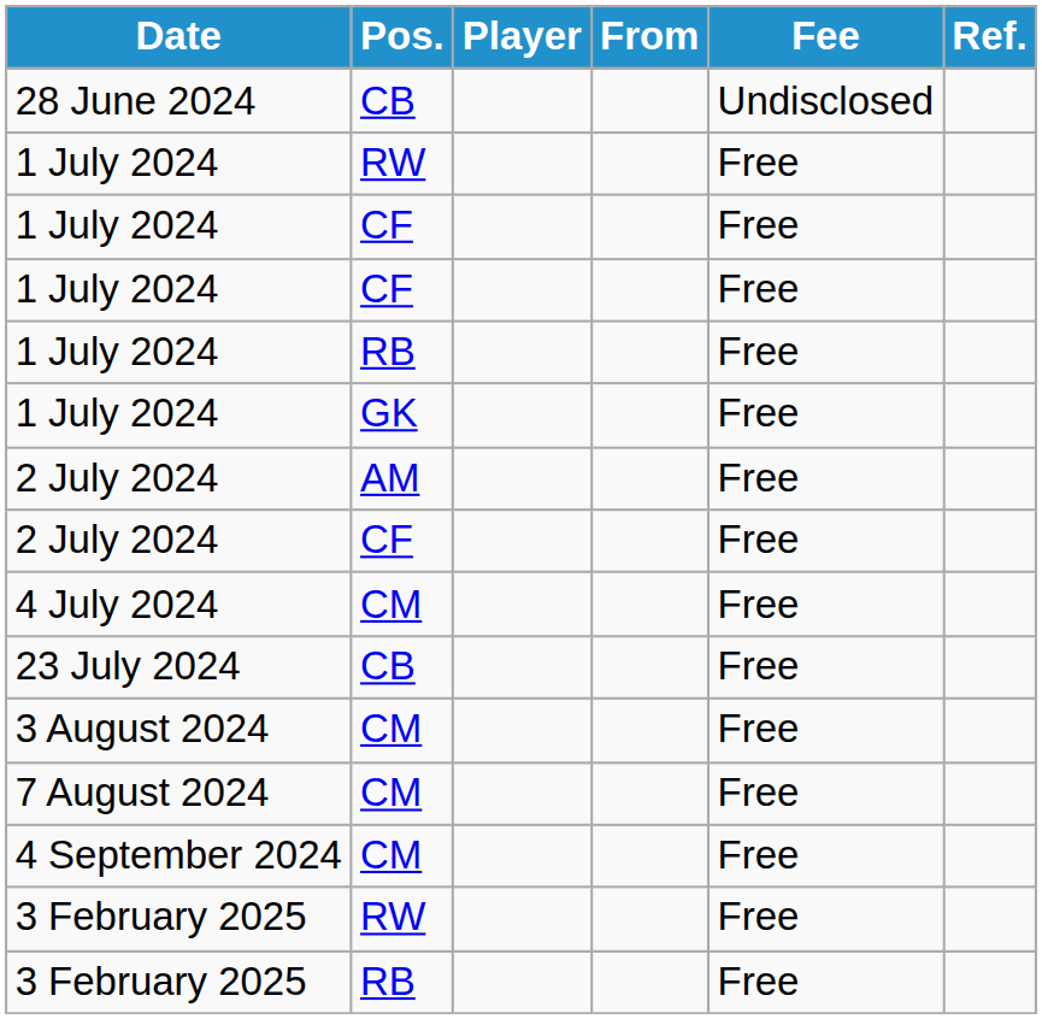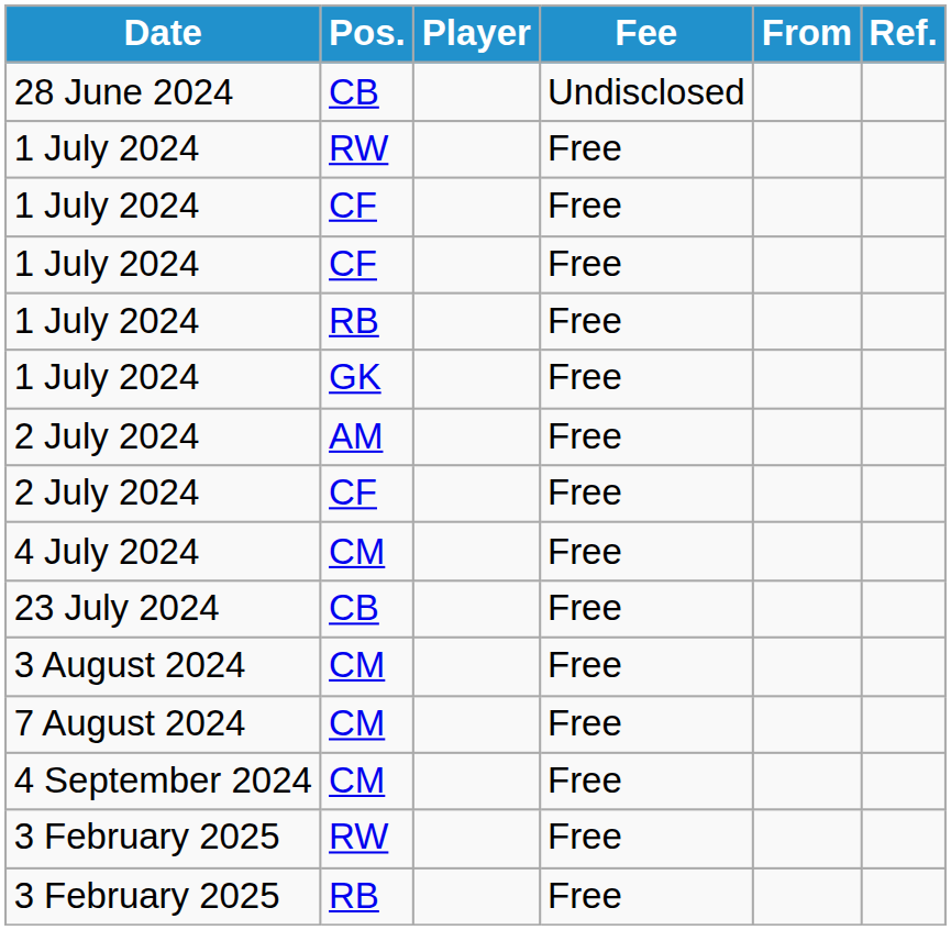 <table class="wikitable plainrowheaders sortable">
 <tr>
 <th style="background:#2191CC; color:#FFFFFF; ">Date</th>
 <th style="background:#2191CC; color:#FFFFFF; ">Pos.</th>
 <th style="background:#2191CC; color:#FFFFFF; ">Player</th>
+<th style="background:#2191CC; color:#FFFFFF; ">Fee</th>
 <th style="background:#2191CC; color:#FFFFFF; ">From</th>
-<th style="background:#2191CC; color:#FFFFFF; ">Fee</th>
 <th style="background:#2191CC; color:#FFFFFF; ">Ref.</th>
 </tr>
 <tr>
 <td>28 June 2024</td>
 <td><a href='#'>CB</a></td>
 <td></td>
+<td>Undisclosed</td>
 <td></td>
-<td>Undisclosed</td>
 <td></td>
 </tr>
 <tr>
 <td>1 July 2024</td>
 <td><a href='#'>RW</a></td>
 <td></td>
+<td>Free</td>
 <td></td>
-<td>Free</td>
 <td></td>
 </tr>
 <tr>
 <td>1 July 2024</td>
 <td><a href='#'>CF</a></td>
 <td></td>
+<td>Free</td>
 <td></td>
-<td>Free</td>
 <td></td>
 </tr>
 <tr>
 <td>1 July 2024</td>
 <td><a href='#'>CF</a></td>
 <td></td>
+<td>Free</td>
 <td></td>
-<td>Free</td>
 <td></td>
 </tr>
 <tr>
 <td>1 July 2024</td>
 <td><a href='#'>RB</a></td>
 <td></td>
+<td>Free</td>
 <td></td>
-<td>Free</td>
 <td></td>
 </tr>
 <tr>
 <td>1 July 2024</td>
 <td><a href='#'>GK</a></td>
 <td></td>
+<td>Free</td>
 <td></td>
-<td>Free</td>
 <td></td>
 </tr>
 <tr>
 <td>2 July 2024</td>
 <td><a href='#'>AM</a></td>
 <td></td>
+<td>Free</td>
 <td></td>
-<td>Free</td>
 <td></td>
 </tr>
 <tr>
 <td>2 July 2024</td>
 <td><a href='#'>CF</a></td>
 <td></td>
+<td>Free</td>
 <td></td>
-<td>Free</td>
 <td></td>
 </tr>
 <tr>
 <td>4 July 2024</td>
 <td><a href='#'>CM</a></td>
 <td></td>
+<td>Free</td>
 <td></td>
-<td>Free</td>
 <td></td>
 </tr>
 <tr>
 <td>23 July 2024</td>
 <td><a href='#'>CB</a></td>
 <td></td>
+<td>Free</td>
 <td></td>
-<td>Free</td>
 <td></td>
 </tr>
 <tr>
 <td>3 August 2024</td>
 <td><a href='#'>CM</a></td>
 <td></td>
+<td>Free</td>
 <td></td>
-<td>Free</td>
 <td></td>
 </tr>
 <tr>
 <td>7 August 2024</td>
 <td><a href='#'>CM</a></td>
 <td></td>
+<td>Free</td>
 <td></td>
-<td>Free</td>
 <td></td>
 </tr>
 <tr>
 <td>4 September 2024</td>
 <td><a href='#'>CM</a></td>
 <td></td>
+<td>Free</td>
 <td></td>
-<td>Free</td>
 <td></td>
 </tr>
 <tr>
 <td>3 February 2025</td>
 <td><a href='#'>RW</a></td>
 <td></td>
+<td>Free</td>
 <td></td>
-<td>Free</td>
 <td></td>
 </tr>
 <tr>
 <td>3 February 2025</td>
 <td><a href='#'>RB</a></td>
 <td></td>
+<td>Free</td>
 <td></td>
-<td>Free</td>
 <td></td>
 </tr>
 </table>
